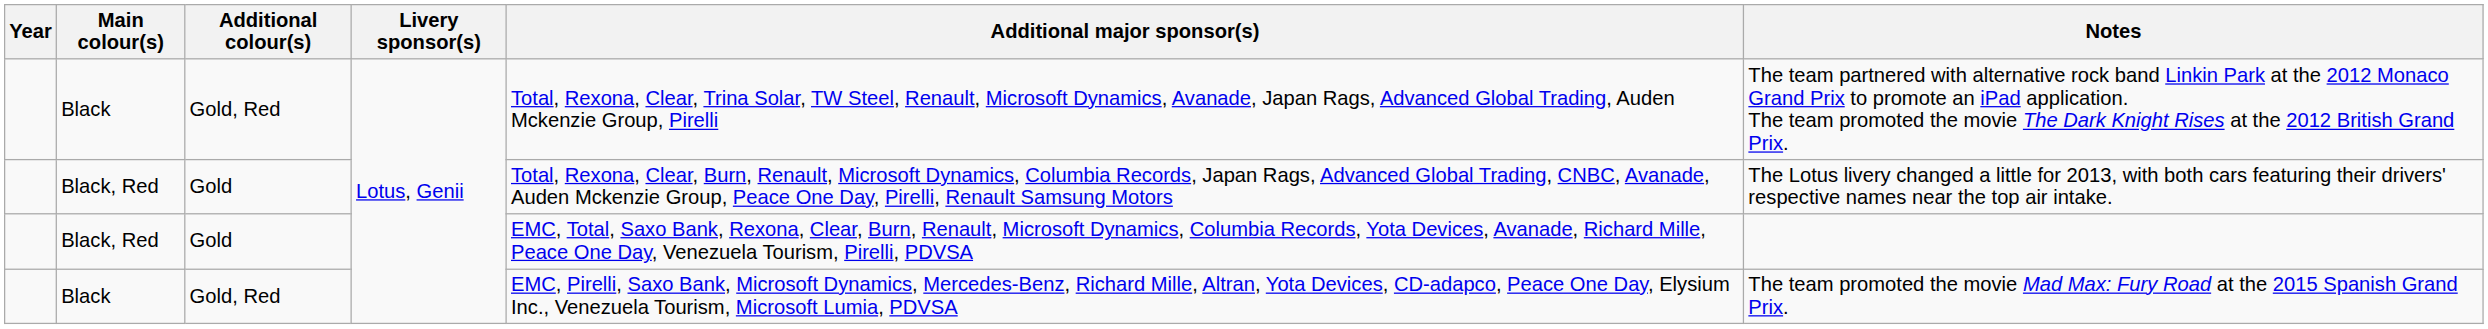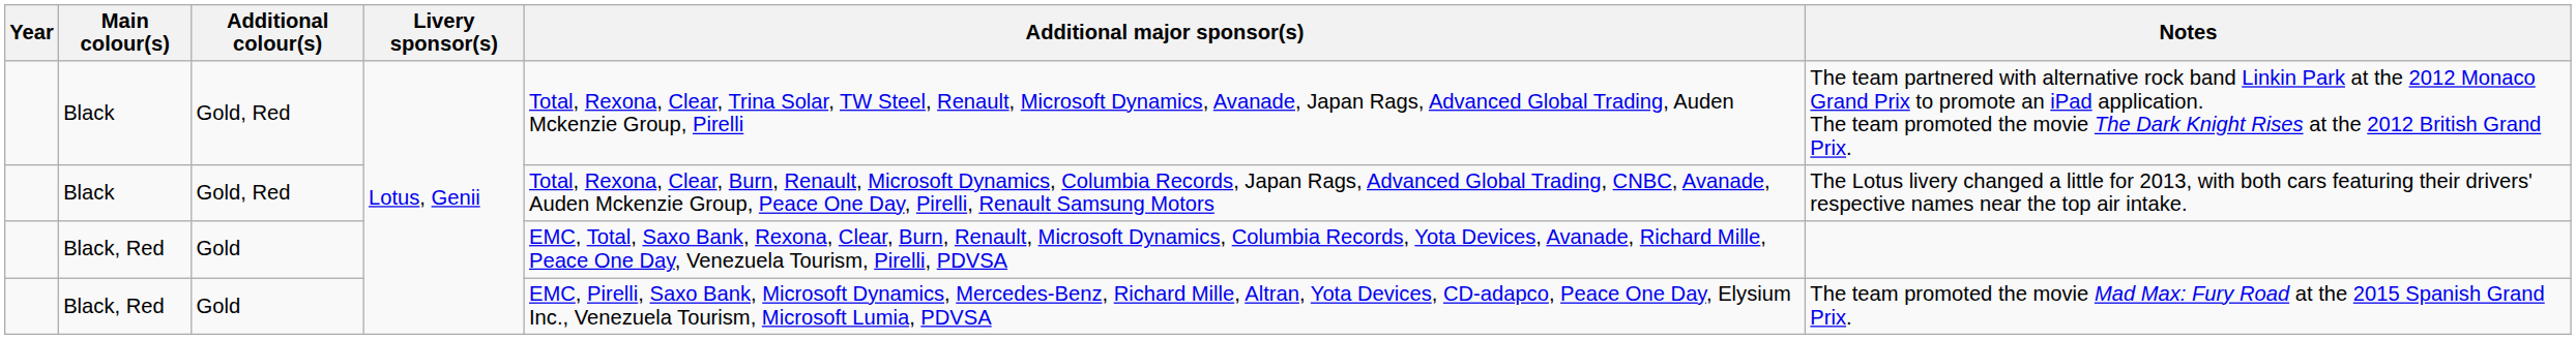 <table class="wikitable">
 <tr>
 <th>Year</th>
 <th>Main colour(s)</th>
 <th>Additional colour(s)</th>
 <th>Livery sponsor(s)</th>
 <th>Additional major sponsor(s)</th>
 <th>Notes</th>
 </tr>
 <tr>
 <td></td>
 <td>Black</td>
 <td>Gold, Red</td>
 <td rowspan="4"><a href='#'>Lotus</a>, <a href='#'>Genii</a></td>
 <td><a href='#'>Total</a>, <a href='#'>Rexona</a>, <a href='#'>Clear</a>, <a href='#'>Trina Solar</a>, <a href='#'>TW Steel</a>, <a href='#'>Renault</a>, <a href='#'>Microsoft Dynamics</a>, <a href='#'>Avanade</a>, Japan Rags, <a href='#'>Advanced Global Trading</a>, Auden Mckenzie Group, <a href='#'>Pirelli</a></td>
 <td>The team partnered with alternative rock band <a href='#'>Linkin Park</a> at the <a href='#'>2012 Monaco Grand Prix</a> to promote an <a href='#'>iPad</a> application.<br>The team promoted the movie <em><a href='#'>The Dark Knight Rises</a></em> at the <a href='#'>2012 British Grand Prix</a>.</td>
 </tr>
 <tr>
 <td></td>
-<td>Black, Red</td>
-<td>Gold</td>
+<td>Black</td>
+<td>Gold, Red</td>
 <td><a href='#'>Total</a>, <a href='#'>Rexona</a>, <a href='#'>Clear</a>, <a href='#'>Burn</a>, <a href='#'>Renault</a>, <a href='#'>Microsoft Dynamics</a>, <a href='#'>Columbia Records</a>, Japan Rags, <a href='#'>Advanced Global Trading</a>, <a href='#'>CNBC</a>, <a href='#'>Avanade</a>, Auden Mckenzie Group, <a href='#'>Peace One Day</a>, <a href='#'>Pirelli</a>, <a href='#'>Renault Samsung Motors</a></td>
 <td>The Lotus livery changed a little for 2013, with both cars featuring their drivers' respective names near the top air intake.</td>
 </tr>
 <tr>
 <td></td>
 <td>Black, Red</td>
 <td>Gold</td>
 <td><a href='#'>EMC</a>, <a href='#'>Total</a>, <a href='#'>Saxo Bank</a>, <a href='#'>Rexona</a>, <a href='#'>Clear</a>, <a href='#'>Burn</a>, <a href='#'>Renault</a>, <a href='#'>Microsoft Dynamics</a>, <a href='#'>Columbia Records</a>, <a href='#'>Yota Devices</a>, <a href='#'>Avanade</a>, <a href='#'>Richard Mille</a>, <a href='#'>Peace One Day</a>, Venezuela Tourism, <a href='#'>Pirelli</a>, <a href='#'>PDVSA</a></td>
 </tr>
 <tr>
 <td></td>
-<td>Black</td>
-<td>Gold, Red</td>
+<td>Black, Red</td>
+<td>Gold</td>
 <td><a href='#'>EMC</a>, <a href='#'>Pirelli</a>, <a href='#'>Saxo Bank</a>, <a href='#'>Microsoft Dynamics</a>, <a href='#'>Mercedes-Benz</a>, <a href='#'>Richard Mille</a>, <a href='#'>Altran</a>, <a href='#'>Yota Devices</a>, <a href='#'>CD-adapco</a>, <a href='#'>Peace One Day</a>, Elysium Inc., Venezuela Tourism, <a href='#'>Microsoft Lumia</a>, <a href='#'>PDVSA</a></td>
 <td>The team promoted the movie <em><a href='#'>Mad Max: Fury Road</a></em> at the <a href='#'>2015 Spanish Grand Prix</a>.</td>
 </tr>
 </table>
